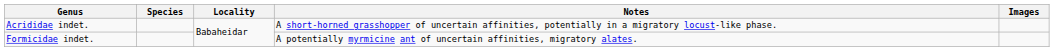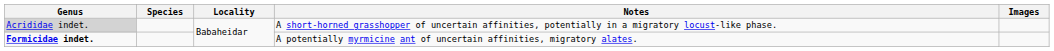 <table class="wikitable" align="center" width="100%">
 <tr>
 <th>Genus</th>
 <th>Species</th>
 <th>Locality</th>
 <th>Notes</th>
 <th>Images</th>
 </tr>
 <tr>
-<td><a href='#'>Acrididae</a> indet.</td>
+<td style="background: lightgrey;"><a href='#'>Acrididae</a> indet.</td>
 <td></td>
 <td rowspan="2">Babaheidar</td>
 <td>A <a href='#'>short-horned grasshopper</a> of uncertain affinities, potentially in a migratory <a href='#'>locust</a>-like phase.</td>
 <td></td>
 </tr>
 <tr>
-<td><a href='#'>Formicidae</a> indet.</td>
+<td><strong><a href='#'>Formicidae</a> indet.</strong></td>
 <td></td>
 <td>A potentially <a href='#'>myrmicine</a> <a href='#'>ant</a> of uncertain affinities, migratory <a href='#'>alates</a>.</td>
 <td></td>
 </tr>
 </table>
